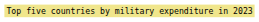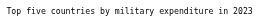 <table border="0" cellpadding="2" cellspacing="0" style="float:right;">
 <tr>
 <td></td>
 </tr>
 <tr>
-<td style="background: khaki; text-align:center; font-size:70%;">Top five countries by military expenditure in 2023</td>
+<td style="text-align:center; font-size:70%;">Top five countries by military expenditure in 2023</td>
 </tr>
 </table>
